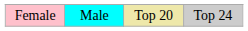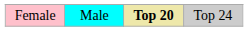 <table class="wikitable" style="margin:1em auto; text-align:center;">
 <tr>
 </tr>
 <tr>
 <td style="background:pink;" width="20%">Female</td>
 <td style="background:cyan;" width="20%">Male</td>
-<td style="background:palegoldenrod;" width="20%">Top 20</td>
+<td style="background:palegoldenrod;" width="20%"><strong>Top 20</strong></td>
 <td style="background:#CCCCCC;" width="20%">Top 24</td>
 </tr>
 </table>
